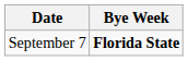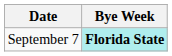 <table class="wikitable" style="font-size:95%;">
 <tr>
 <th>Date</th>
 <th>Bye Week</th>
 </tr>
 <tr>
 <td>September 7</td>
-<td><strong>Florida State</strong></td>
+<td style="background: paleturquoise;"><strong>Florida State</strong></td>
 </tr>
 </table>
